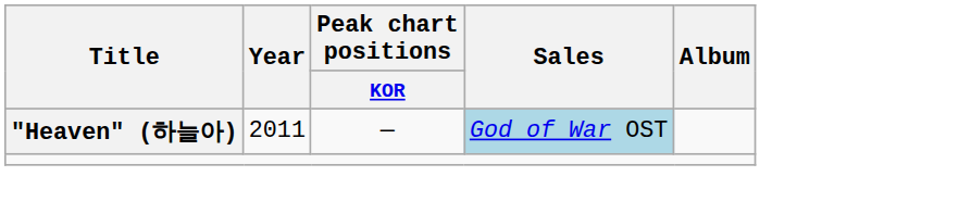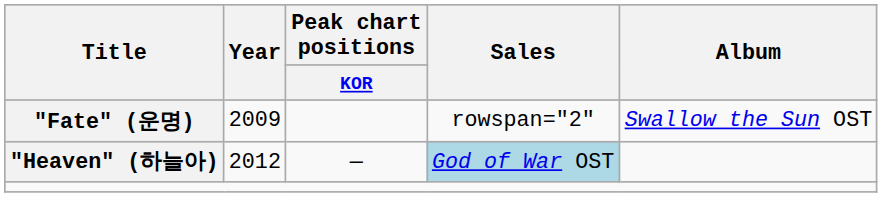 <table class="wikitable plainrowheaders" style="text-align:center;">
 <tr>
 <th scope="col" rowspan="2">Title</th>
 <th scope="col" rowspan="2">Year</th>
 <th scope="col" colspan="1">Peak chart<br>positions</th>
 <th scope="col" rowspan="2">Sales</th>
 <th scope="col" rowspan="2">Album</th>
 </tr>
 <tr>
 <th><small><a href='#'>KOR</a></small><br></th>
 </tr>
 <tr>
+<th scope="row">"Fate" (운명)</th>
+<td>2009</td>
+<td></td>
+<td>rowspan="2" </td>
+<td><em><a href='#'>Swallow the Sun</a></em> OST</td>
+</tr>
+<tr>
 <th scope="row">"Heaven" (하늘아)</th>
-<td>2011</td>
+<td>2012</td>
 <td>—</td>
 <td style="background: lightblue;"><em><a href='#'>God of War</a></em> OST</td>
 </tr>
 <tr>
 <td colspan="5"></td>
 </tr>
 </table>
